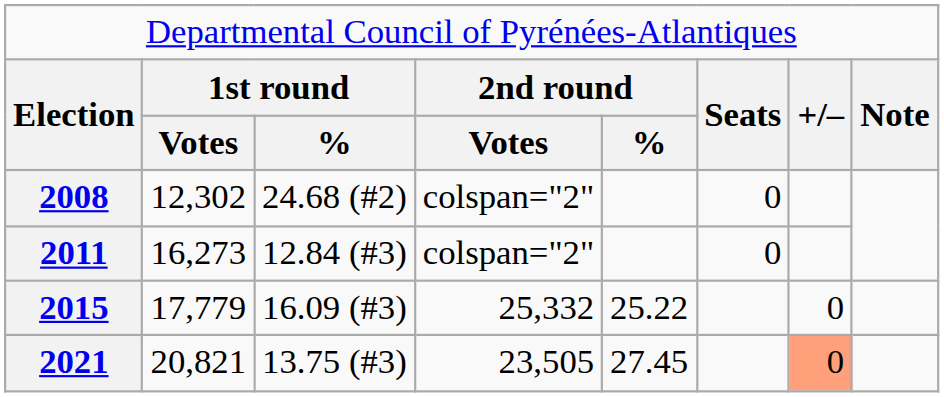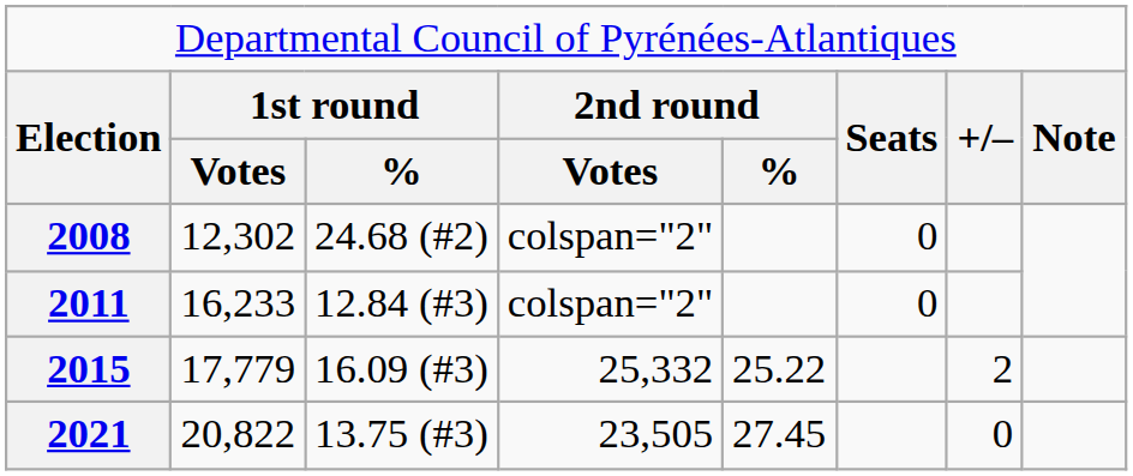 <table class="wikitable" style="text-align:right;">
 <tr>
 <td colspan="8" align="center"><a href='#'>Departmental Council of Pyrénées-Atlantiques</a></td>
 </tr>
 <tr>
 <th rowspan="2">Election</th>
 <th colspan="2">1st round</th>
 <th colspan="2">2nd round</th>
 <th rowspan="2">Seats</th>
 <th rowspan="2">+/–</th>
 <th rowspan="2">Note</th>
 </tr>
 <tr>
 <th>Votes</th>
 <th>%</th>
 <th>Votes</th>
 <th>%</th>
 </tr>
 <tr>
 <th><a href='#'>2008</a></th>
 <td>12,302</td>
 <td>24.68 (#2)</td>
 <td>colspan="2" </td>
 <td></td>
 <td>0</td>
 <td></td>
 </tr>
 <tr>
 <th><a href='#'>2011</a></th>
-<td>16,273</td>
+<td>16,233</td>
 <td>12.84 (#3)</td>
 <td>colspan="2" </td>
 <td></td>
 <td>0</td>
 <td></td>
 </tr>
 <tr>
 <th><a href='#'>2015</a></th>
 <td>17,779</td>
 <td>16.09 (#3)</td>
 <td>25,332</td>
 <td>25.22</td>
 <td></td>
-<td>0</td>
+<td>2</td>
 <td></td>
 </tr>
 <tr>
 <th><a href='#'>2021</a></th>
-<td>20,821</td>
+<td>20,822</td>
 <td>13.75 (#3)</td>
 <td>23,505</td>
 <td>27.45</td>
 <td></td>
-<td style="background: lightsalmon;">0</td>
+<td>0</td>
 <td></td>
 </tr>
 </table>
